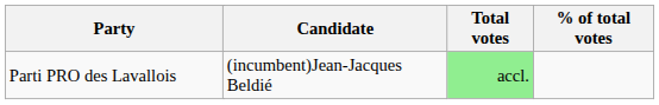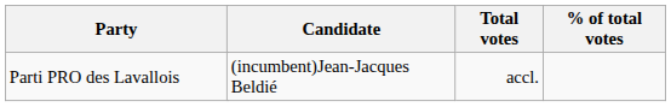 <table style="width:600px;" class="wikitable">
 <tr style="background-color:#E9E9E9">
 <th colspan="2" style="width: 200px">Party</th>
 <th colspan="1" style="width: 200px">Candidate</th>
 <th align="right">Total votes</th>
 <th align="right">% of total votes</th>
 </tr>
 <tr>
 <td colspan="2" align="left">Parti PRO des Lavallois</td>
 <td align="left">(incumbent)Jean-Jacques Beldié</td>
-<td align="right" style="background: lightgreen;">accl.</td>
+<td align="right">accl.</td>
 <td align="right"></td>
 </tr>
 </table>
